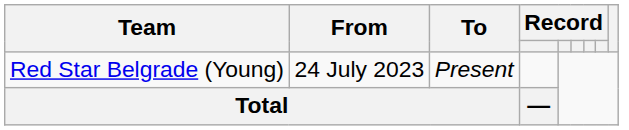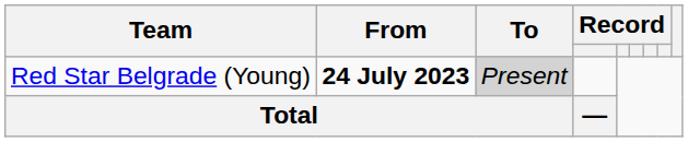 <table class="wikitable" style="text-align:center">
 <tr>
 <th rowspan="2">Team</th>
 <th rowspan="2">From</th>
 <th rowspan="2">To</th>
 <th colspan="5">Record</th>
 <th rowspan="2"></th>
 </tr>
 <tr>
 <th></th>
 <th></th>
 <th></th>
 <th></th>
 <th></th>
 </tr>
 <tr>
 <td><a href='#'>Red Star Belgrade</a> (Young)</td>
-<td align="left">24 July 2023</td>
-<td align="left"><em>Present</em><br></td>
+<td align="left"><strong>24 July 2023</strong></td>
+<td align="left" style="background: lightgrey;"><em>Present</em><br></td>
 <td></td>
 </tr>
 <tr>
 <th colspan="3">Total<br></th>
 <th>—</th>
 </tr>
 </table>
